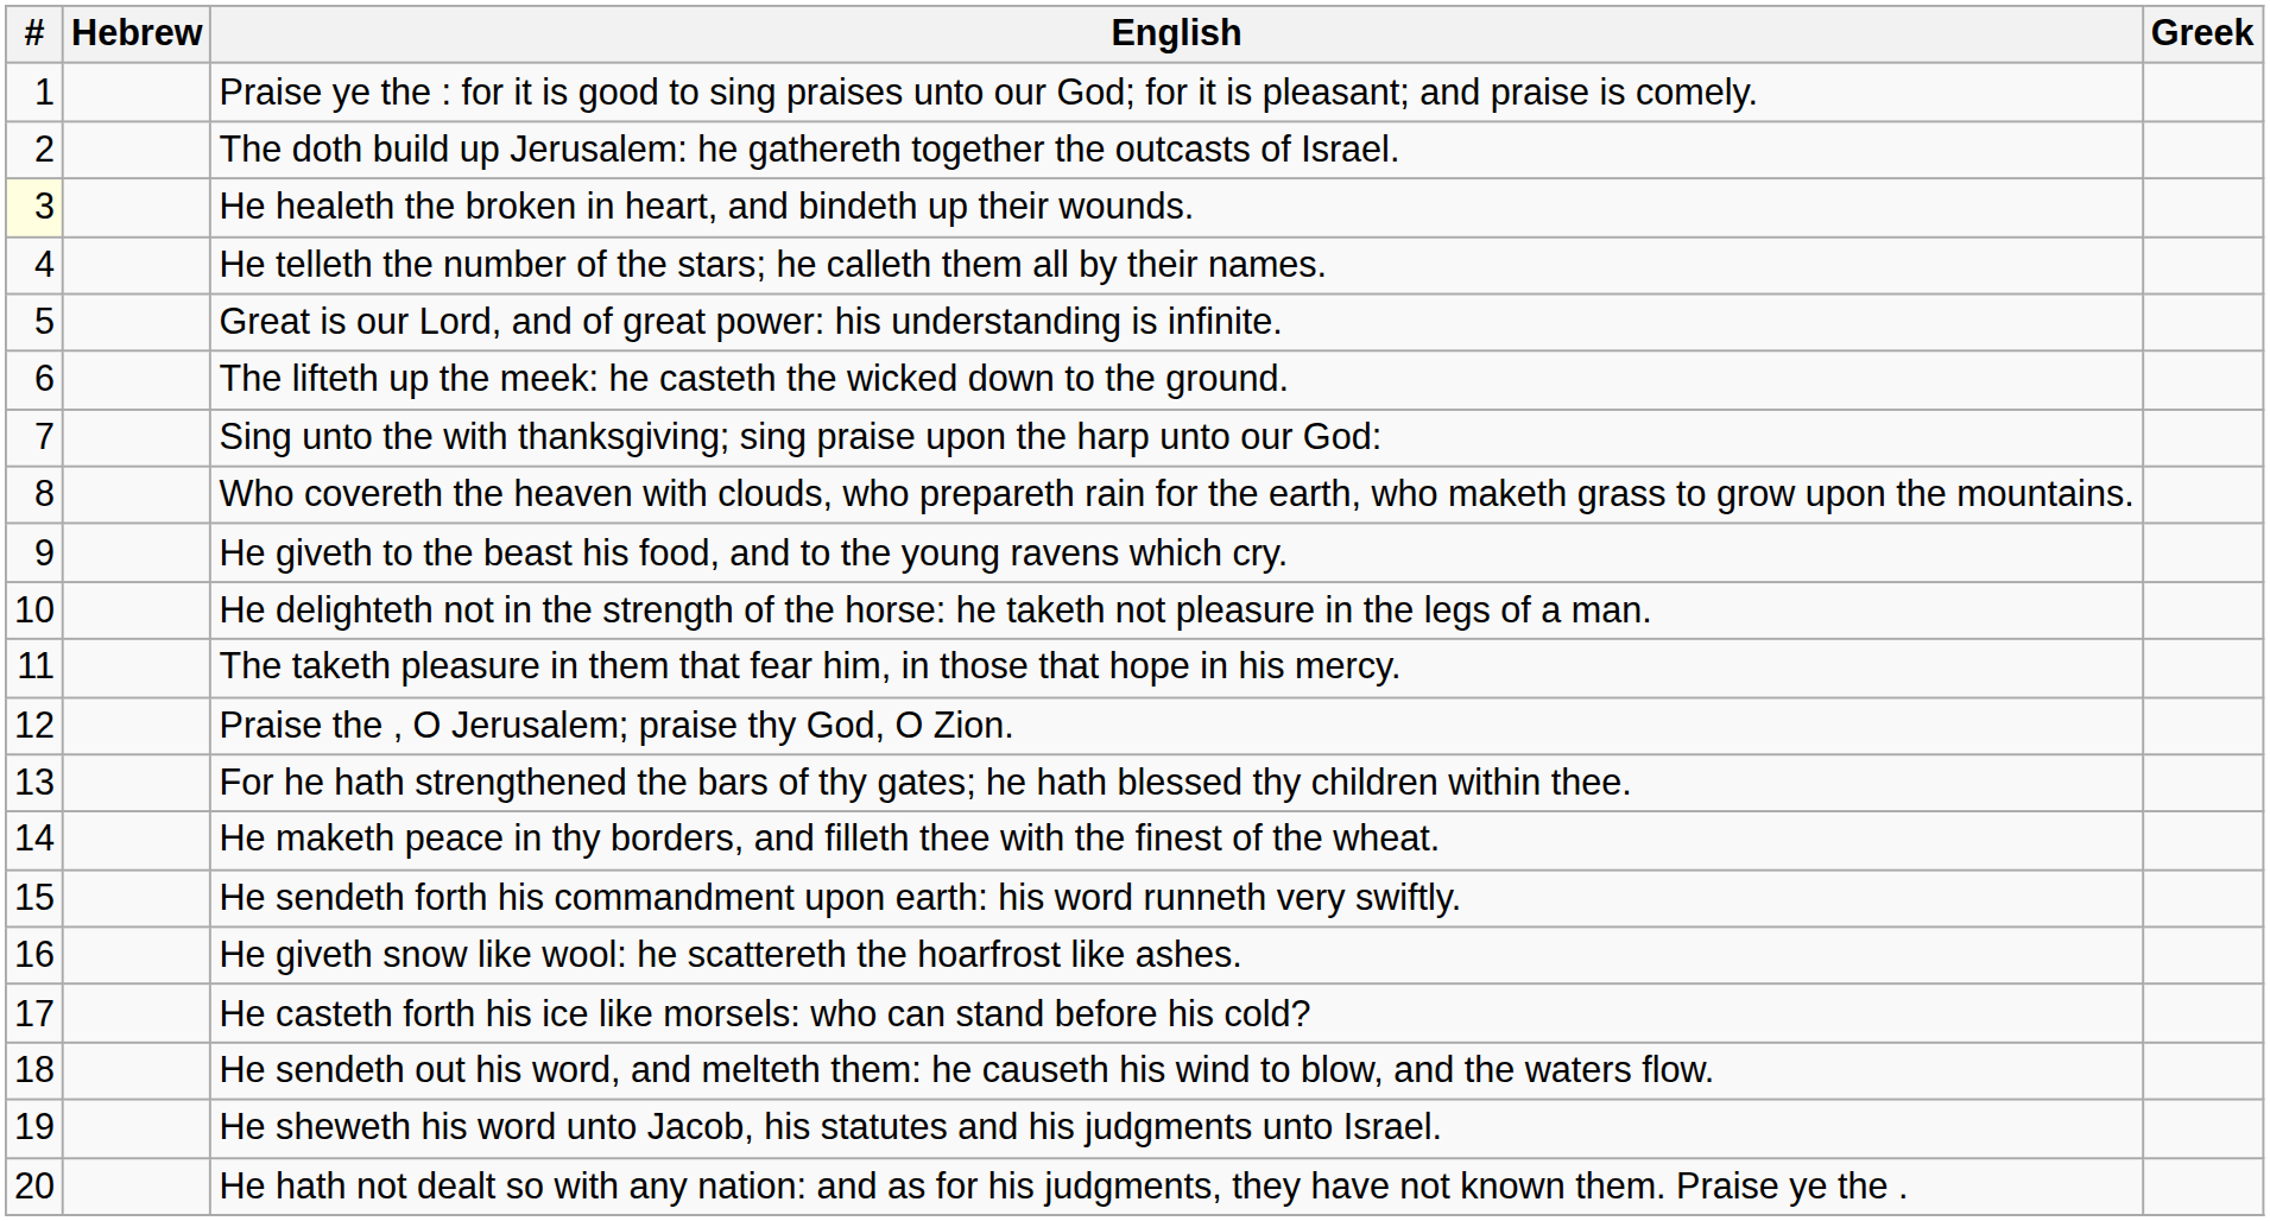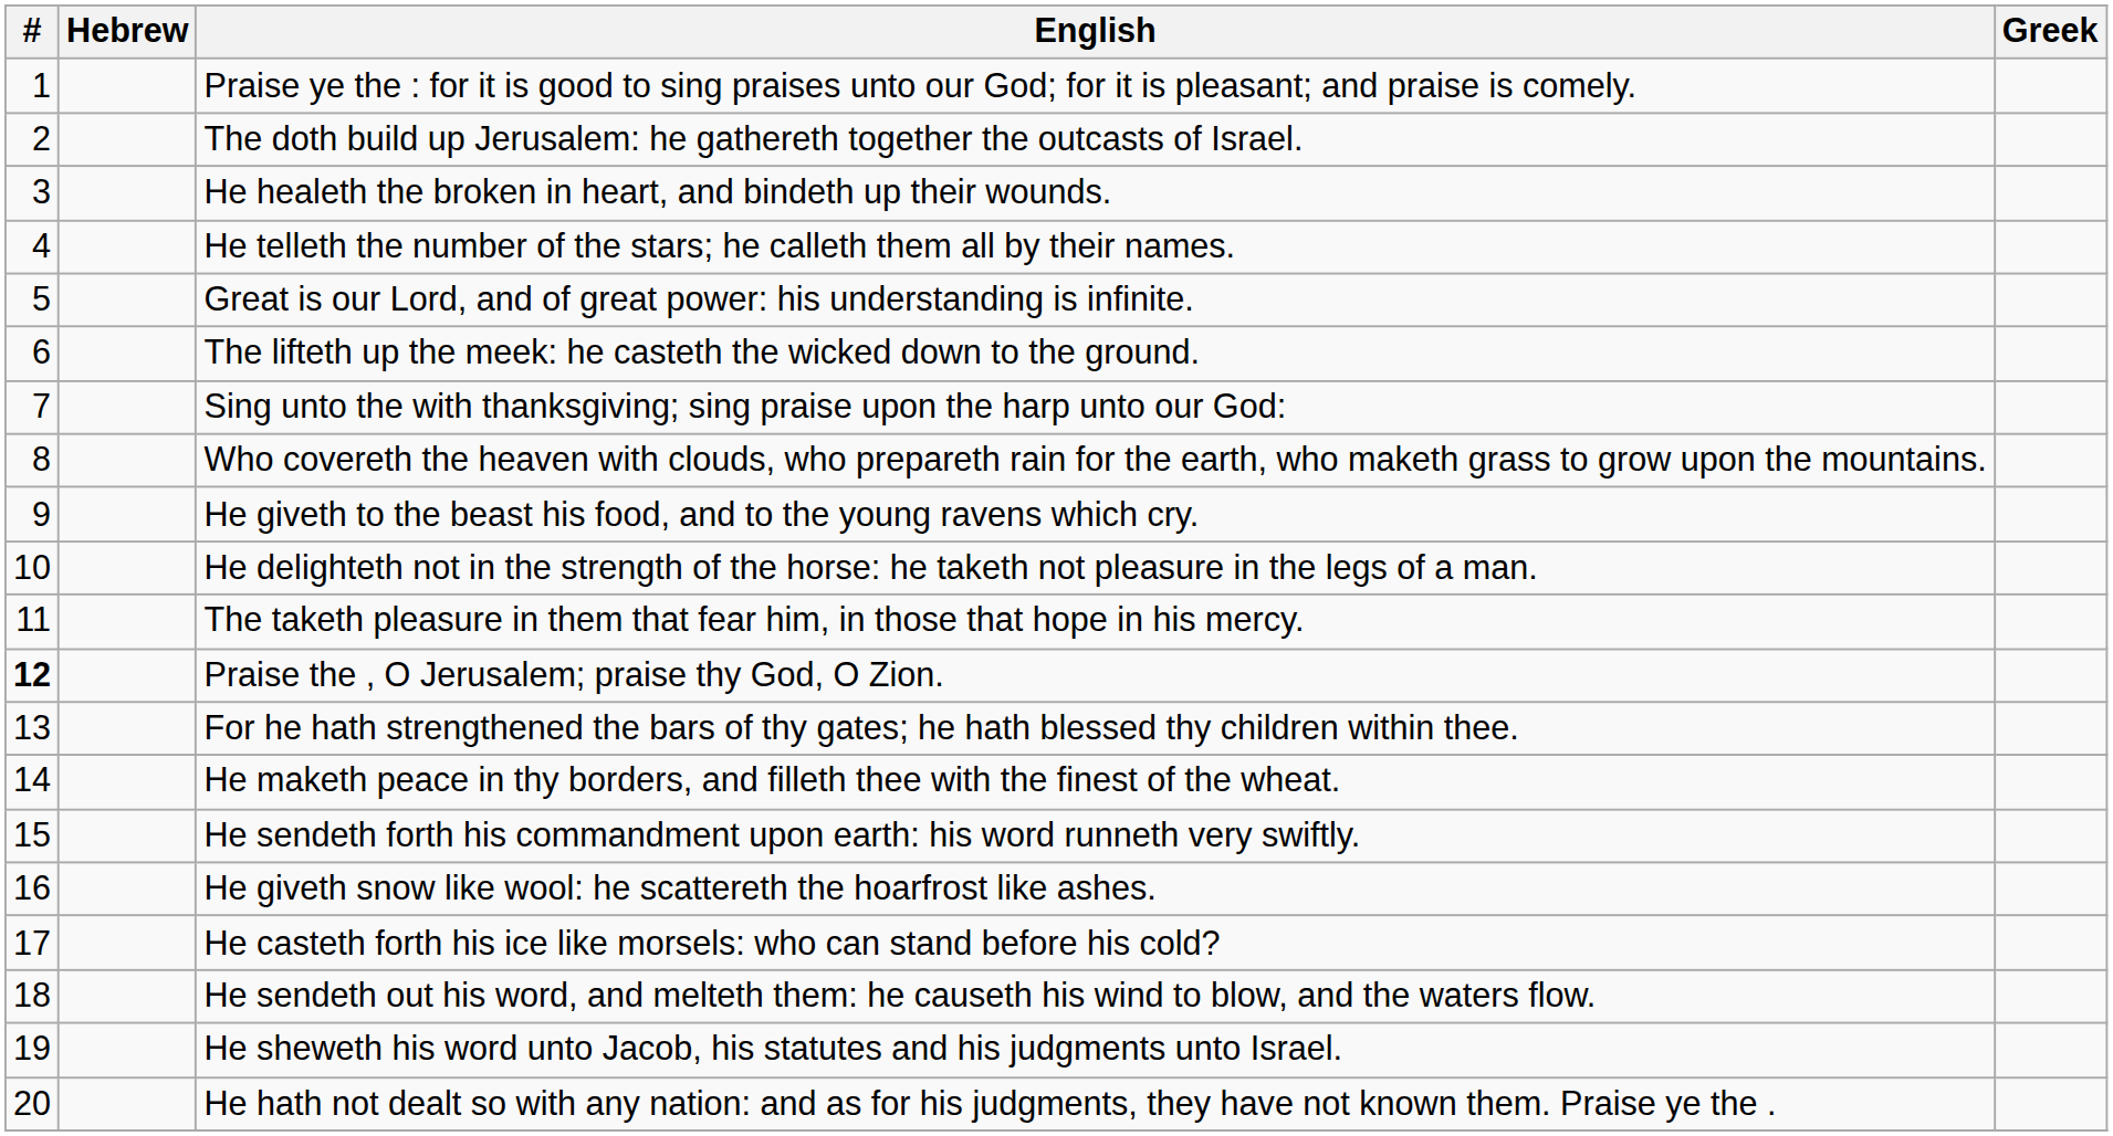 <table class=wikitable>
 <tr>
 <th>#</th>
 <th>Hebrew</th>
 <th>English</th>
 <th>Greek</th>
 </tr>
 <tr>
 <td style="text-align:right">1</td>
 <td style="text-align:right"></td>
 <td>Praise ye the : for it is good to sing praises unto our God; for it is pleasant; and praise is comely.</td>
 <td></td>
 </tr>
 <tr>
 <td style="text-align:right">2</td>
 <td style="text-align:right"></td>
 <td>The  doth build up Jerusalem: he gathereth together the outcasts of Israel.</td>
 <td></td>
 </tr>
 <tr>
-<td style="background: lightyellow; text-align:right">3</td>
+<td style="text-align:right">3</td>
 <td style="text-align:right"></td>
 <td>He healeth the broken in heart, and bindeth up their wounds.</td>
 <td></td>
 </tr>
 <tr>
 <td style="text-align:right">4</td>
 <td style="text-align:right"></td>
 <td>He telleth the number of the stars; he calleth them all by their names.</td>
 <td></td>
 </tr>
 <tr>
 <td style="text-align:right">5</td>
 <td style="text-align:right"></td>
 <td>Great is our Lord, and of great power: his understanding is infinite.</td>
 <td></td>
 </tr>
 <tr>
 <td style="text-align:right">6</td>
 <td style="text-align:right"></td>
 <td>The  lifteth up the meek: he casteth the wicked down to the ground.</td>
 <td></td>
 </tr>
 <tr>
 <td style="text-align:right">7</td>
 <td style="text-align:right"></td>
 <td>Sing unto the  with thanksgiving; sing praise upon the harp unto our God:</td>
 <td></td>
 </tr>
 <tr>
 <td style="text-align:right">8</td>
 <td style="text-align:right"></td>
 <td>Who covereth the heaven with clouds, who prepareth rain for the earth, who maketh grass to grow upon the mountains.</td>
 <td></td>
 </tr>
 <tr>
 <td style="text-align:right">9</td>
 <td style="text-align:right"></td>
 <td>He giveth to the beast his food, and to the young ravens which cry.</td>
 <td></td>
 </tr>
 <tr>
 <td style="text-align:right">10</td>
 <td style="text-align:right"></td>
 <td>He delighteth not in the strength of the horse: he taketh not pleasure in the legs of a man.</td>
 <td></td>
 </tr>
 <tr>
 <td style="text-align:right">11</td>
 <td style="text-align:right"></td>
 <td>The  taketh pleasure in them that fear him, in those that hope in his mercy.</td>
 <td></td>
 </tr>
 <tr>
-<td style="text-align:right">12</td>
+<td style="text-align:right"><strong>12</strong></td>
 <td style="text-align:right"></td>
 <td>Praise the , O Jerusalem; praise thy God, O Zion.</td>
 <td></td>
 </tr>
 <tr>
 <td style="text-align:right">13</td>
 <td style="text-align:right"></td>
 <td>For he hath strengthened the bars of thy gates; he hath blessed thy children within thee.</td>
 <td></td>
 </tr>
 <tr>
 <td style="text-align:right">14</td>
 <td style="text-align:right"></td>
 <td>He maketh peace in thy borders, and filleth thee with the finest of the wheat.</td>
 <td></td>
 </tr>
 <tr>
 <td style="text-align:right">15</td>
 <td style="text-align:right"></td>
 <td>He sendeth forth his commandment upon earth: his word runneth very swiftly.</td>
 <td></td>
 </tr>
 <tr>
 <td style="text-align:right">16</td>
 <td style="text-align:right"></td>
 <td>He giveth snow like wool: he scattereth the hoarfrost like ashes.</td>
 <td></td>
 </tr>
 <tr>
 <td style="text-align:right">17</td>
 <td style="text-align:right"></td>
 <td>He casteth forth his ice like morsels: who can stand before his cold?</td>
 <td></td>
 </tr>
 <tr>
 <td style="text-align:right">18</td>
 <td style="text-align:right"></td>
 <td>He sendeth out his word, and melteth them: he causeth his wind to blow, and the waters flow.</td>
 <td></td>
 </tr>
 <tr>
 <td style="text-align:right">19</td>
 <td style="text-align:right"></td>
 <td>He sheweth his word unto Jacob, his statutes and his judgments unto Israel.</td>
 <td></td>
 </tr>
 <tr>
 <td style="text-align:right">20</td>
 <td style="text-align:right"></td>
 <td>He hath not dealt so with any nation: and as for his judgments, they have not known them. Praise ye the .</td>
 <td></td>
 </tr>
 <tr>
 </tr>
 </table>
